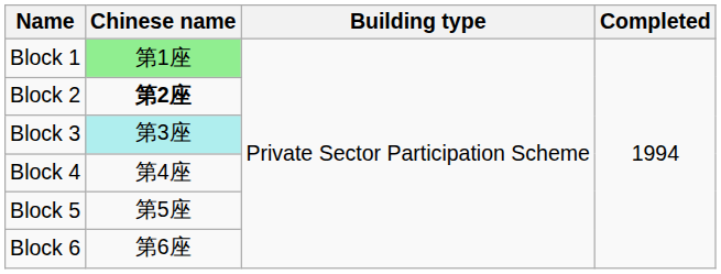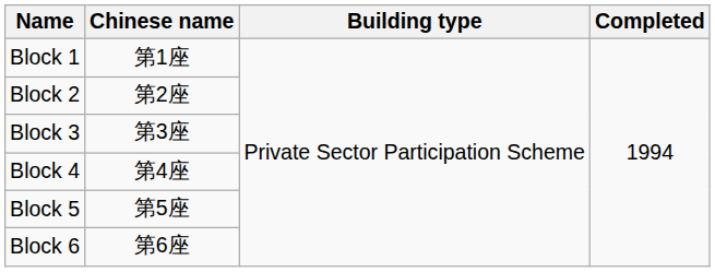 <table class="wikitable" style="text-align: center">
 <tr>
 <th>Name</th>
 <th>Chinese name</th>
 <th>Building type</th>
 <th>Completed</th>
 </tr>
 <tr>
 <td>Block 1</td>
-<td style="background: lightgreen;">第1座</td>
+<td>第1座</td>
 <td rowspan="6">Private Sector Participation Scheme</td>
 <td rowspan="6">1994</td>
 </tr>
 <tr>
 <td>Block 2</td>
-<td><strong>第2座</strong></td>
+<td>第2座</td>
 </tr>
 <tr>
 <td>Block 3</td>
-<td style="background: paleturquoise;">第3座</td>
+<td>第3座</td>
 </tr>
 <tr>
 <td>Block 4</td>
 <td>第4座</td>
 </tr>
 <tr>
 <td>Block 5</td>
 <td>第5座</td>
 </tr>
 <tr>
 <td>Block 6</td>
 <td>第6座</td>
 </tr>
 </table>
